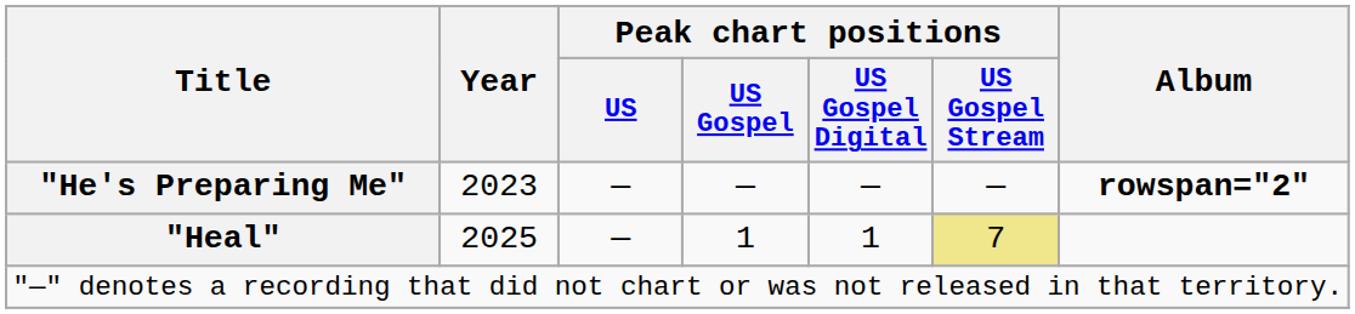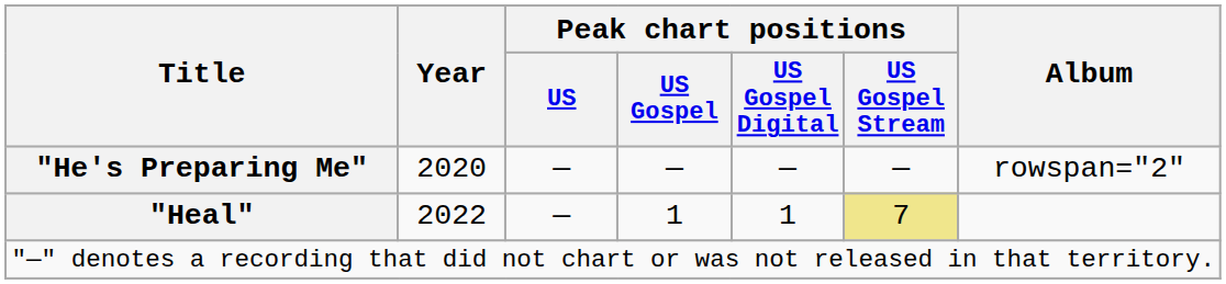 <table class="wikitable plainrowheaders" style="text-align:center;">
 <tr>
 <th rowspan="2" scope="col" style="width:13em;">Title</th>
 <th rowspan="2">Year</th>
 <th colspan="4">Peak chart positions</th>
 <th rowspan="2">Album</th>
 </tr>
 <tr style="font-size:smaller;">
 <th width="45" scope="col"><a href='#'>US</a><br></th>
 <th width="45" scope="col"><a href='#'>US<br>Gospel</a><br></th>
 <th width="45" scope="col"><a href='#'>US<br>Gospel<br>Digital</a><br></th>
 <th width="45" scope="col"><a href='#'>US<br>Gospel<br>Stream</a><br></th>
 </tr>
 <tr>
 <th scope="row">"He's Preparing Me"</th>
-<td>2023</td>
+<td>2020</td>
 <td>—</td>
 <td>—</td>
 <td>—</td>
 <td>—</td>
-<td><strong>rowspan="2" </strong></td>
+<td>rowspan="2" </td>
 </tr>
 <tr>
 <th scope="row">"Heal"<br></th>
-<td>2025</td>
+<td>2022</td>
 <td>—</td>
 <td>1</td>
 <td>1</td>
 <td style="background: khaki;">7</td>
 </tr>
 <tr>
 <td colspan="11" style="font-size:85%">"—" denotes a recording that did not chart or was not released in that territory.</td>
 </tr>
 </table>
